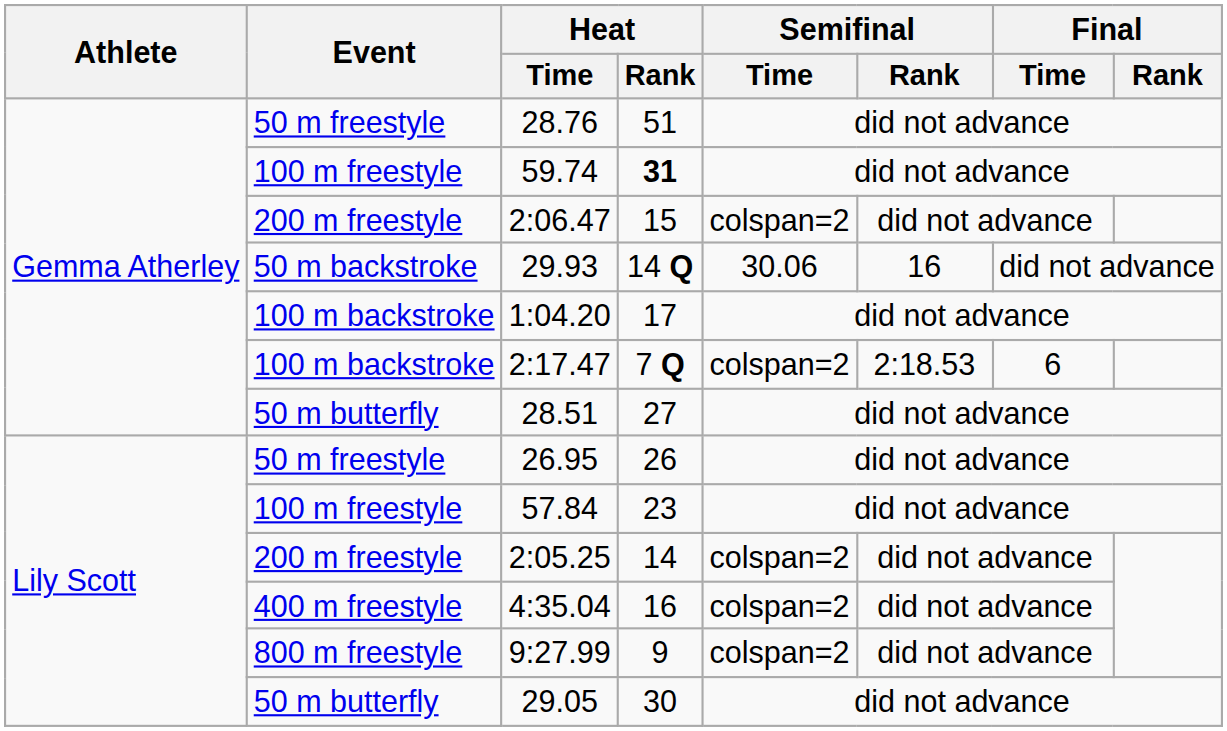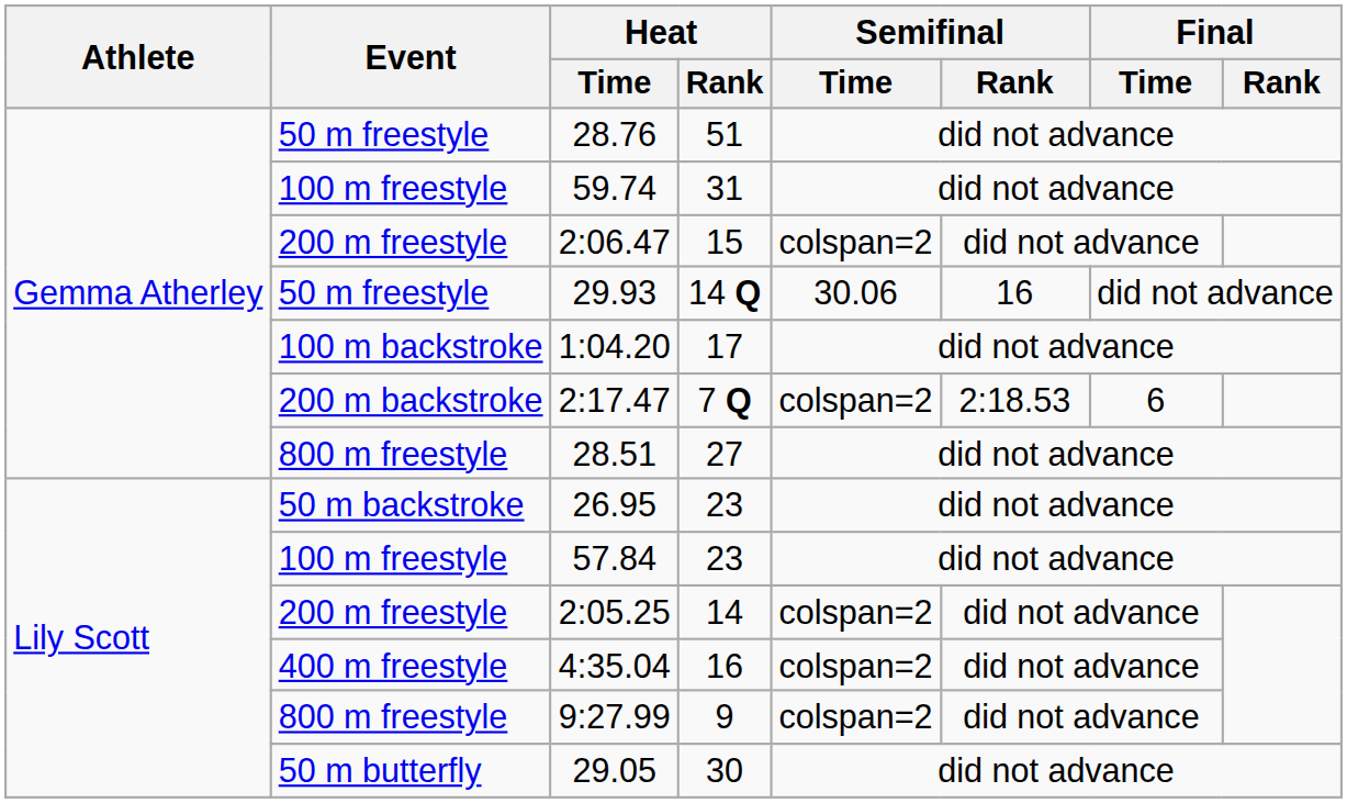 <table class=wikitable style=font-size:90%>
 <tr>
 <th rowspan=2>Athlete</th>
 <th rowspan=2>Event</th>
 <th colspan=2>Heat</th>
 <th colspan=2>Semifinal</th>
 <th colspan=2>Final</th>
 </tr>
 <tr style=font-size:95%>
 <th>Time</th>
 <th>Rank</th>
 <th>Time</th>
 <th>Rank</th>
 <th>Time</th>
 <th>Rank</th>
 </tr>
 <tr align=center>
 <td align=left rowspan=7><a href='#'>Gemma Atherley</a></td>
 <td align=left rowspan="1"><a href='#'>50 m freestyle</a></td>
 <td>28.76</td>
 <td>51</td>
 <td colspan=4>did not advance</td>
 </tr>
 <tr align=center>
 <td align=left rowspan="1"><a href='#'>100 m freestyle</a></td>
 <td>59.74</td>
-<td><strong>31</strong></td>
+<td>31</td>
 <td colspan=4>did not advance</td>
 </tr>
 <tr align=center>
 <td align=left rowspan="1"><a href='#'>200 m freestyle</a></td>
 <td>2:06.47</td>
 <td>15</td>
 <td>colspan=2 </td>
 <td colspan=2>did not advance</td>
 </tr>
 <tr align=center>
-<td align=left rowspan="1"><a href='#'>50 m backstroke</a></td>
+<td align=left rowspan="1"><a href='#'>50 m freestyle</a></td>
 <td>29.93</td>
 <td>14 <strong>Q</strong></td>
 <td>30.06</td>
 <td>16</td>
 <td colspan=2>did not advance</td>
 </tr>
 <tr align=center>
 <td align=left rowspan="1"><a href='#'>100 m backstroke</a></td>
 <td>1:04.20</td>
 <td>17</td>
 <td colspan=4>did not advance</td>
 </tr>
 <tr align=center>
-<td align=left rowspan="1"><a href='#'>100 m backstroke</a></td>
+<td align=left rowspan="1"><a href='#'>200 m backstroke</a></td>
 <td>2:17.47</td>
 <td>7 <strong>Q</strong></td>
 <td>colspan=2 </td>
 <td>2:18.53</td>
 <td>6</td>
 </tr>
 <tr align=center>
-<td align=left rowspan="1"><a href='#'>50 m butterfly</a></td>
+<td align=left rowspan="1"><a href='#'>800 m freestyle</a></td>
 <td>28.51</td>
 <td>27</td>
 <td colspan=4>did not advance</td>
 </tr>
 <tr align=center>
 <td align=left rowspan=6><a href='#'>Lily Scott</a></td>
-<td align=left rowspan="1"><a href='#'>50 m freestyle</a></td>
+<td align=left rowspan="1"><a href='#'>50 m backstroke</a></td>
 <td>26.95</td>
-<td>26</td>
+<td>23</td>
 <td colspan=4>did not advance</td>
 </tr>
 <tr align=center>
 <td align=left rowspan="1"><a href='#'>100 m freestyle</a></td>
 <td>57.84</td>
 <td>23</td>
 <td colspan=4>did not advance</td>
 </tr>
 <tr align=center>
 <td align=left rowspan="1"><a href='#'>200 m freestyle</a></td>
 <td>2:05.25</td>
 <td>14</td>
 <td>colspan=2 </td>
 <td colspan=2>did not advance</td>
 </tr>
 <tr align=center>
 <td align=left rowspan="1"><a href='#'>400 m freestyle</a></td>
 <td>4:35.04</td>
 <td>16</td>
 <td>colspan=2 </td>
 <td colspan=2>did not advance</td>
 </tr>
 <tr align=center>
 <td align=left rowspan="1"><a href='#'>800 m freestyle</a></td>
 <td>9:27.99</td>
 <td>9</td>
 <td>colspan=2 </td>
 <td colspan=2>did not advance</td>
 </tr>
 <tr align=center>
 <td align=left rowspan="1"><a href='#'>50 m butterfly</a></td>
 <td>29.05</td>
 <td>30</td>
 <td colspan=4>did not advance</td>
 </tr>
 </table>
